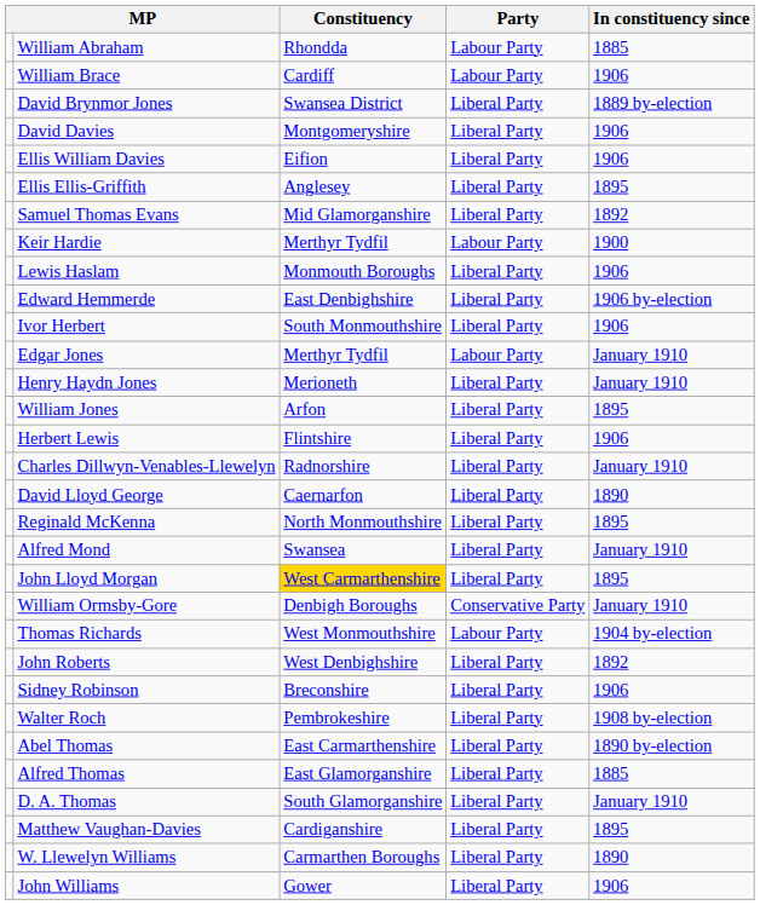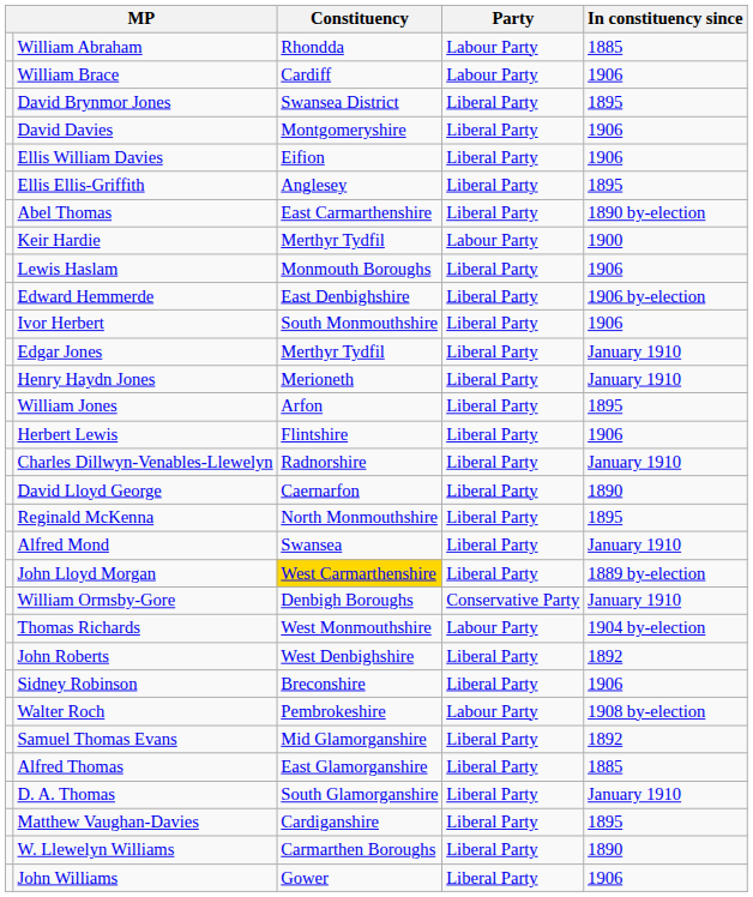 <table class="wikitable sortable">
 <tr>
 <th colspan="2">MP</th>
 <th>Constituency</th>
 <th>Party</th>
 <th>In constituency since</th>
 </tr>
 <tr>
 <td style="color:inherit;background-color: "></td>
 <td><a href='#'>William Abraham</a></td>
 <td><a href='#'>Rhondda</a></td>
 <td><a href='#'>Labour Party</a></td>
 <td><a href='#'>1885</a></td>
 </tr>
 <tr>
 <td style="color:inherit;background-color: "></td>
 <td><a href='#'>William Brace</a></td>
 <td><a href='#'>Cardiff</a></td>
 <td><a href='#'>Labour Party</a></td>
 <td><a href='#'>1906</a></td>
 </tr>
 <tr>
 <td style="color:inherit;background-color: "></td>
 <td><a href='#'>David Brynmor Jones</a></td>
 <td><a href='#'>Swansea District</a></td>
 <td><a href='#'>Liberal Party</a></td>
-<td><a href='#'>1889 by-election</a></td>
+<td><a href='#'>1895</a></td>
 </tr>
 <tr>
 <td style="color:inherit;background-color: "></td>
 <td><a href='#'>David Davies</a></td>
 <td><a href='#'>Montgomeryshire</a></td>
 <td><a href='#'>Liberal Party</a></td>
 <td><a href='#'>1906</a></td>
 </tr>
 <tr>
 <td style="color:inherit;background-color: "></td>
 <td><a href='#'>Ellis William Davies</a></td>
 <td><a href='#'>Eifion</a></td>
 <td><a href='#'>Liberal Party</a></td>
 <td><a href='#'>1906</a></td>
 </tr>
 <tr>
 <td style="color:inherit;background-color: "></td>
 <td><a href='#'>Ellis Ellis-Griffith</a></td>
 <td><a href='#'>Anglesey</a></td>
 <td><a href='#'>Liberal Party</a></td>
 <td><a href='#'>1895</a></td>
 </tr>
 <tr>
 <td style="color:inherit;background-color: "></td>
-<td><a href='#'>Samuel Thomas Evans</a></td>
-<td><a href='#'>Mid Glamorganshire</a></td>
+<td><a href='#'>Abel Thomas</a></td>
+<td><a href='#'>East Carmarthenshire</a></td>
 <td><a href='#'>Liberal Party</a></td>
-<td><a href='#'>1892</a></td>
+<td><a href='#'>1890 by-election</a></td>
 </tr>
 <tr>
 <td style="color:inherit;background-color: "></td>
 <td><a href='#'>Keir Hardie</a></td>
 <td><a href='#'>Merthyr Tydfil</a></td>
 <td><a href='#'>Labour Party</a></td>
 <td><a href='#'>1900</a></td>
 </tr>
 <tr>
 <td style="color:inherit;background-color: "></td>
 <td><a href='#'>Lewis Haslam</a></td>
 <td><a href='#'>Monmouth Boroughs</a></td>
 <td><a href='#'>Liberal Party</a></td>
 <td><a href='#'>1906</a></td>
 </tr>
 <tr>
 <td style="color:inherit;background-color: "></td>
 <td><a href='#'>Edward Hemmerde</a></td>
 <td><a href='#'>East Denbighshire</a></td>
 <td><a href='#'>Liberal Party</a></td>
 <td><a href='#'>1906 by-election</a></td>
 </tr>
 <tr>
 <td style="color:inherit;background-color: "></td>
 <td><a href='#'>Ivor Herbert</a></td>
 <td><a href='#'>South Monmouthshire</a></td>
 <td><a href='#'>Liberal Party</a></td>
 <td><a href='#'>1906</a></td>
 </tr>
 <tr>
 <td style="color:inherit;background-color: "></td>
 <td><a href='#'>Edgar Jones</a></td>
 <td><a href='#'>Merthyr Tydfil</a></td>
-<td><a href='#'>Labour Party</a></td>
+<td><a href='#'>Liberal Party</a></td>
 <td><a href='#'>January 1910</a></td>
 </tr>
 <tr>
 <td style="color:inherit;background-color: "></td>
 <td><a href='#'>Henry Haydn Jones</a></td>
 <td><a href='#'>Merioneth</a></td>
 <td><a href='#'>Liberal Party</a></td>
 <td><a href='#'>January 1910</a></td>
 </tr>
 <tr>
 <td style="color:inherit;background-color: "></td>
 <td><a href='#'>William Jones</a></td>
 <td><a href='#'>Arfon</a></td>
 <td><a href='#'>Liberal Party</a></td>
 <td><a href='#'>1895</a></td>
 </tr>
 <tr>
 <td style="color:inherit;background-color: "></td>
 <td><a href='#'>Herbert Lewis</a></td>
 <td><a href='#'>Flintshire</a></td>
 <td><a href='#'>Liberal Party</a></td>
 <td><a href='#'>1906</a></td>
 </tr>
 <tr>
 <td style="color:inherit;background-color: "></td>
 <td><a href='#'>Charles Dillwyn-Venables-Llewelyn</a></td>
 <td><a href='#'>Radnorshire</a></td>
 <td><a href='#'>Liberal Party</a></td>
 <td><a href='#'>January 1910</a></td>
 </tr>
 <tr>
 <td style="color:inherit;background-color: "></td>
 <td><a href='#'>David Lloyd George</a></td>
 <td><a href='#'>Caernarfon</a></td>
 <td><a href='#'>Liberal Party</a></td>
 <td><a href='#'>1890</a></td>
 </tr>
 <tr>
 <td style="color:inherit;background-color: "></td>
 <td><a href='#'>Reginald McKenna</a></td>
 <td><a href='#'>North Monmouthshire</a></td>
 <td><a href='#'>Liberal Party</a></td>
 <td><a href='#'>1895</a></td>
 </tr>
 <tr>
 <td style="color:inherit;background-color: "></td>
 <td><a href='#'>Alfred Mond</a></td>
 <td><a href='#'>Swansea</a></td>
 <td><a href='#'>Liberal Party</a></td>
 <td><a href='#'>January 1910</a></td>
 </tr>
 <tr>
 <td style="color:inherit;background-color: "></td>
 <td><a href='#'>John Lloyd Morgan</a></td>
 <td style="background: gold;"><a href='#'>West Carmarthenshire</a></td>
 <td><a href='#'>Liberal Party</a></td>
-<td><a href='#'>1895</a></td>
+<td><a href='#'>1889 by-election</a></td>
 </tr>
 <tr>
 <td style="color:inherit;background-color: "></td>
 <td><a href='#'>William Ormsby-Gore</a></td>
 <td><a href='#'>Denbigh Boroughs</a></td>
 <td><a href='#'>Conservative Party</a></td>
 <td><a href='#'>January 1910</a></td>
 </tr>
 <tr>
 <td style="color:inherit;background-color: "></td>
 <td><a href='#'>Thomas Richards</a></td>
 <td><a href='#'>West Monmouthshire</a></td>
 <td><a href='#'>Labour Party</a></td>
 <td><a href='#'>1904 by-election</a></td>
 </tr>
 <tr>
 <td style="color:inherit;background-color: "></td>
 <td><a href='#'>John Roberts</a></td>
 <td><a href='#'>West Denbighshire</a></td>
 <td><a href='#'>Liberal Party</a></td>
 <td><a href='#'>1892</a></td>
 </tr>
 <tr>
 <td style="color:inherit;background-color: "></td>
 <td><a href='#'>Sidney Robinson</a></td>
 <td><a href='#'>Breconshire</a></td>
 <td><a href='#'>Liberal Party</a></td>
 <td><a href='#'>1906</a></td>
 </tr>
 <tr>
 <td style="color:inherit;background-color: "></td>
 <td><a href='#'>Walter Roch</a></td>
 <td><a href='#'>Pembrokeshire</a></td>
-<td><a href='#'>Liberal Party</a></td>
+<td><a href='#'>Labour Party</a></td>
 <td><a href='#'>1908 by-election</a></td>
 </tr>
 <tr>
 <td style="color:inherit;background-color: "></td>
-<td><a href='#'>Abel Thomas</a></td>
-<td><a href='#'>East Carmarthenshire</a></td>
+<td><a href='#'>Samuel Thomas Evans</a></td>
+<td><a href='#'>Mid Glamorganshire</a></td>
 <td><a href='#'>Liberal Party</a></td>
-<td><a href='#'>1890 by-election</a></td>
+<td><a href='#'>1892</a></td>
 </tr>
 <tr>
 <td style="color:inherit;background-color: "></td>
 <td><a href='#'>Alfred Thomas</a></td>
 <td><a href='#'>East Glamorganshire</a></td>
 <td><a href='#'>Liberal Party</a></td>
 <td><a href='#'>1885</a></td>
 </tr>
 <tr>
 <td style="color:inherit;background-color: "></td>
 <td><a href='#'>D. A. Thomas</a></td>
 <td><a href='#'>South Glamorganshire</a></td>
 <td><a href='#'>Liberal Party</a></td>
 <td><a href='#'>January 1910</a></td>
 </tr>
 <tr>
 <td style="color:inherit;background-color: "></td>
 <td><a href='#'>Matthew Vaughan-Davies</a></td>
 <td><a href='#'>Cardiganshire</a></td>
 <td><a href='#'>Liberal Party</a></td>
 <td><a href='#'>1895</a></td>
 </tr>
 <tr>
 <td style="color:inherit;background-color: "></td>
 <td><a href='#'>W. Llewelyn Williams</a></td>
 <td><a href='#'>Carmarthen Boroughs</a></td>
 <td><a href='#'>Liberal Party</a></td>
 <td><a href='#'>1890</a></td>
 </tr>
 <tr>
 <td style="color:inherit;background-color: "></td>
 <td><a href='#'>John Williams</a></td>
 <td><a href='#'>Gower</a></td>
 <td><a href='#'>Liberal Party</a></td>
 <td><a href='#'>1906</a></td>
 </tr>
 </table>
